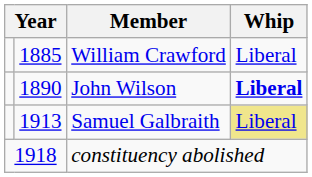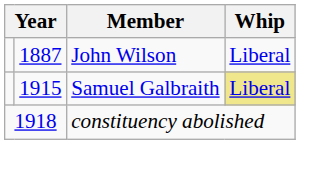 <table class="wikitable">
 <tr>
 <th colspan="2">Year</th>
 <th>Member</th>
 <th>Whip</th>
 </tr>
 <tr>
 <td style="color:inherit;background-color: "></td>
-<td><a href='#'>1885</a></td>
-<td><a href='#'>William Crawford</a></td>
+<td><a href='#'>1887</a></td>
+<td><a href='#'>John Wilson</a></td>
 <td><a href='#'>Liberal</a></td>
 </tr>
 <tr>
 <td style="color:inherit;background-color: "></td>
-<td><a href='#'>1890</a></td>
-<td><a href='#'>John Wilson</a></td>
-<td><strong><a href='#'>Liberal</a></strong></td>
-</tr>
-<tr>
-<td style="color:inherit;background-color: "></td>
-<td><a href='#'>1913</a></td>
+<td><a href='#'>1915</a></td>
 <td><a href='#'>Samuel Galbraith</a></td>
 <td style="background: khaki;"><a href='#'>Liberal</a></td>
 </tr>
 <tr>
 <td colspan="2" align="center"><a href='#'>1918</a></td>
 <td colspan="2"><em>constituency abolished</em></td>
 </tr>
 </table>
